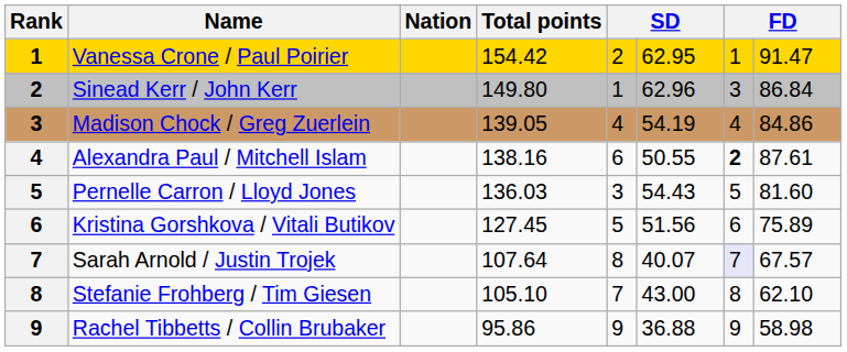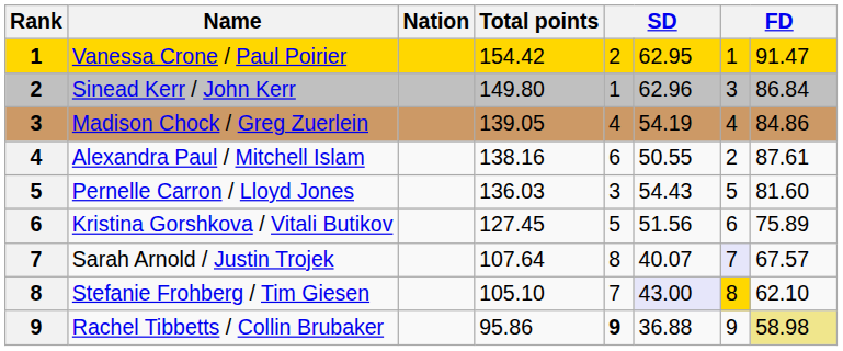 <table class="wikitable sortable">
 <tr>
 <th>Rank</th>
 <th>Name</th>
 <th>Nation</th>
 <th>Total points</th>
 <th colspan="2" width="80px"><a href='#'>SD</a></th>
 <th colspan="2" width="80px"><a href='#'>FD</a></th>
 </tr>
 <tr bgcolor="gold">
 <td align="center"><strong>1</strong></td>
 <td><a href='#'>Vanessa Crone</a> / <a href='#'>Paul Poirier</a></td>
 <td></td>
 <td>154.42</td>
 <td>2</td>
 <td>62.95</td>
 <td>1</td>
 <td>91.47</td>
 </tr>
 <tr bgcolor="silver">
 <td align="center"><strong>2</strong></td>
 <td><a href='#'>Sinead Kerr</a> / <a href='#'>John Kerr</a></td>
 <td></td>
 <td>149.80</td>
 <td>1</td>
 <td>62.96</td>
 <td>3</td>
 <td>86.84</td>
 </tr>
 <tr bgcolor="cc9966">
 <td align="center"><strong>3</strong></td>
 <td><a href='#'>Madison Chock</a> / <a href='#'>Greg Zuerlein</a></td>
 <td></td>
 <td>139.05</td>
 <td>4</td>
 <td>54.19</td>
 <td>4</td>
 <td>84.86</td>
 </tr>
 <tr>
 <th>4</th>
 <td><a href='#'>Alexandra Paul</a> / <a href='#'>Mitchell Islam</a></td>
 <td></td>
 <td>138.16</td>
 <td>6</td>
 <td>50.55</td>
-<td><strong>2</strong></td>
+<td>2</td>
 <td>87.61</td>
 </tr>
 <tr>
 <th>5</th>
 <td><a href='#'>Pernelle Carron</a> / <a href='#'>Lloyd Jones</a></td>
 <td></td>
 <td>136.03</td>
 <td>3</td>
 <td>54.43</td>
 <td>5</td>
 <td>81.60</td>
 </tr>
 <tr>
 <th>6</th>
 <td><a href='#'>Kristina Gorshkova</a> / <a href='#'>Vitali Butikov</a></td>
 <td></td>
 <td>127.45</td>
 <td>5</td>
 <td>51.56</td>
 <td>6</td>
 <td>75.89</td>
 </tr>
 <tr>
 <th>7</th>
 <td>Sarah Arnold / <a href='#'>Justin Trojek</a></td>
 <td></td>
 <td>107.64</td>
 <td>8</td>
 <td>40.07</td>
 <td style="background: lavender;">7</td>
 <td>67.57</td>
 </tr>
 <tr>
 <th>8</th>
 <td><a href='#'>Stefanie Frohberg</a> / <a href='#'>Tim Giesen</a></td>
 <td></td>
 <td>105.10</td>
 <td>7</td>
-<td>43.00</td>
-<td>8</td>
+<td style="background: lavender;">43.00</td>
+<td style="background: gold;">8</td>
 <td>62.10</td>
 </tr>
 <tr>
 <th>9</th>
 <td><a href='#'>Rachel Tibbetts</a> / <a href='#'>Collin Brubaker</a></td>
 <td></td>
 <td>95.86</td>
-<td>9</td>
+<td><strong>9</strong></td>
 <td>36.88</td>
 <td>9</td>
-<td>58.98</td>
+<td style="background: khaki;">58.98</td>
 </tr>
 </table>
